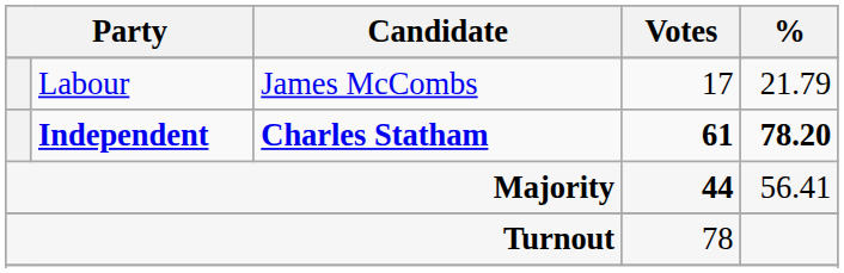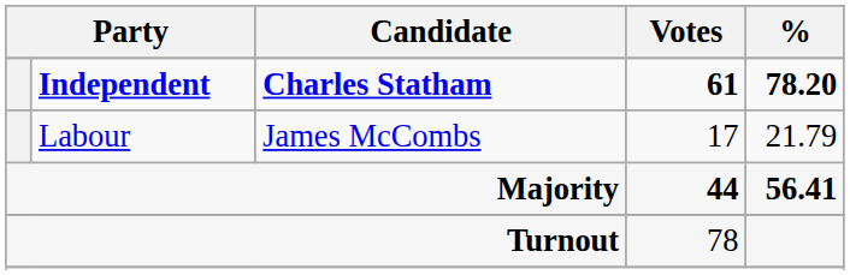 <table class="wikitable" style="font-size: 95%;">
 <tr style="background-color:#E9E9E9">
 <th colspan="2" style="width: 100px">Party</th>
 <th style="width: 170px">Candidate</th>
 <th style="width: 50px">Votes</th>
 <th style="width: 40px">%</th>
 </tr>
 <tr>
 </tr>
 <tr>
+<th width=5 style="background-color: "></th>
+<td style="width: 100px"><strong><a href='#'>Independent</a></strong></td>
+<td style="width: 170px"><strong><a href='#'>Charles Statham</a></strong></td>
+<td align="right"><strong>61</strong></td>
+<td align="right"><strong>78.20</strong></td>
+</tr>
+<tr>
 <th style="background-color: "></th>
 <td style="width: 100px"><a href='#'>Labour</a></td>
 <td style="width: 170px"><a href='#'>James McCombs</a></td>
 <td align="right">17</td>
 <td align="right">21.79</td>
 </tr>
-<tr>
-<th width=5 style="background-color: "></th>
-<td style="width: 100px"><strong><a href='#'>Independent</a></strong></td>
-<td style="width: 170px"><strong><a href='#'>Charles Statham</a></strong></td>
-<td align="right"><strong>61</strong></td>
-<td align="right"><strong>78.20</strong></td>
-</tr>
 <tr style="background-color:#F6F6F6">
 <td colspan="3" align="right"><strong>Majority</strong></td>
 <td align="right"><strong>44</strong></td>
-<td align="right">56.41</td>
+<td align="right"><strong>56.41</strong></td>
 </tr>
 <tr>
 </tr>
 <tr style="background-color:#F6F6F6">
 <td colspan="3" align="right"><strong>Turnout</strong></td>
 <td align="right">78</td>
 <td></td>
 </tr>
 <tr>
 </tr>
 <tr style="background-color:#F6F6F6">
 </tr>
 </table>
